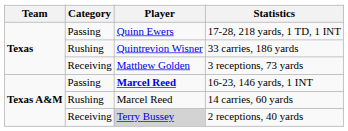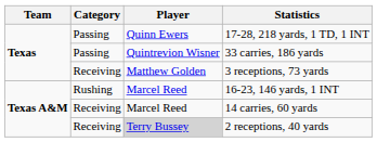 <table class="wikitable" style="float: right;">
 <tr>
 <th>Team</th>
 <th>Category</th>
 <th>Player</th>
 <th>Statistics</th>
 </tr>
 <tr>
 <td rowspan=3><strong>Texas</strong></td>
 <td>Passing</td>
 <td><a href='#'>Quinn Ewers</a></td>
 <td>17-28, 218 yards, 1 TD, 1 INT</td>
 </tr>
 <tr>
-<td>Rushing</td>
+<td>Passing</td>
 <td><a href='#'>Quintrevion Wisner</a></td>
 <td>33 carries, 186 yards</td>
 </tr>
 <tr>
 <td>Receiving</td>
 <td><a href='#'>Matthew Golden</a></td>
 <td>3 receptions, 73 yards</td>
 </tr>
 <tr>
 <td rowspan=3><strong>Texas A&M</strong></td>
-<td>Passing</td>
-<td><strong><a href='#'>Marcel Reed</a></strong></td>
+<td>Rushing</td>
+<td><a href='#'>Marcel Reed</a></td>
 <td>16-23, 146 yards, 1 INT</td>
 </tr>
 <tr>
-<td>Rushing</td>
+<td>Receiving</td>
 <td>Marcel Reed</td>
 <td>14 carries, 60 yards</td>
 </tr>
 <tr>
 <td>Receiving</td>
 <td style="background: lightgrey;"><a href='#'>Terry Bussey</a></td>
 <td>2 receptions, 40 yards</td>
 </tr>
 </table>
